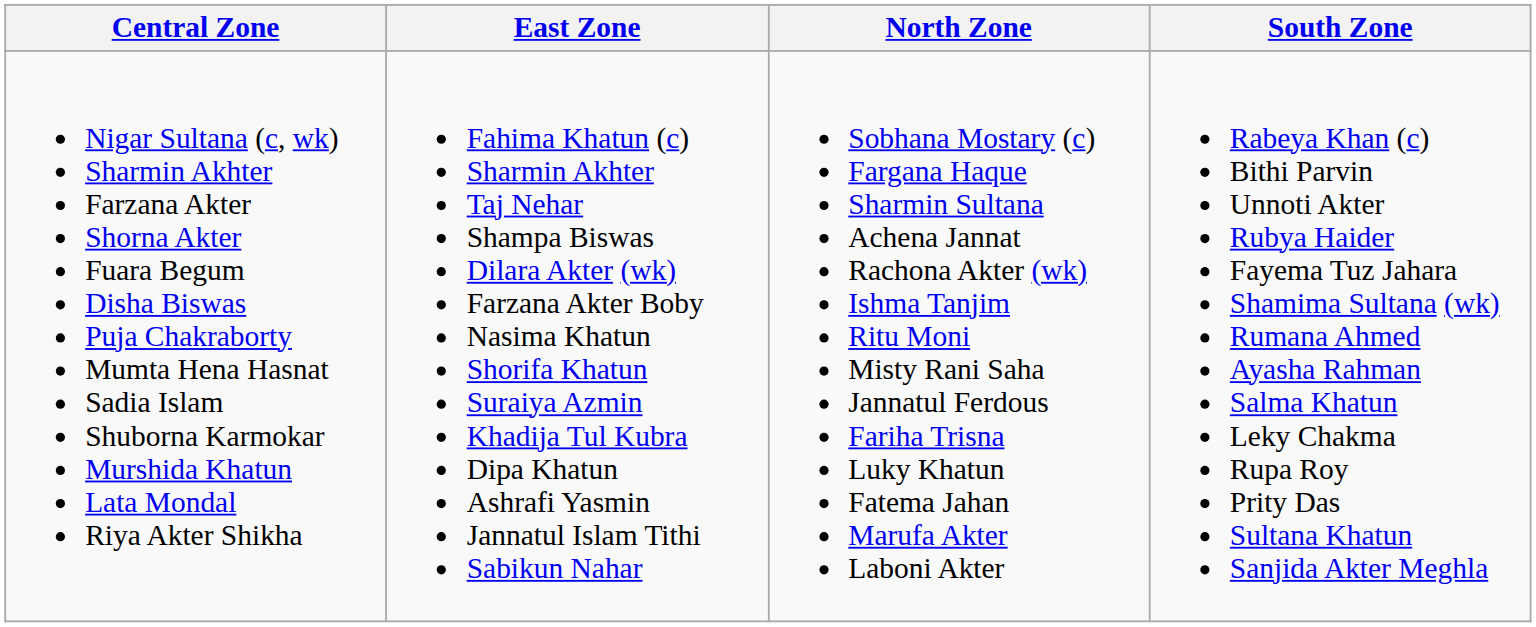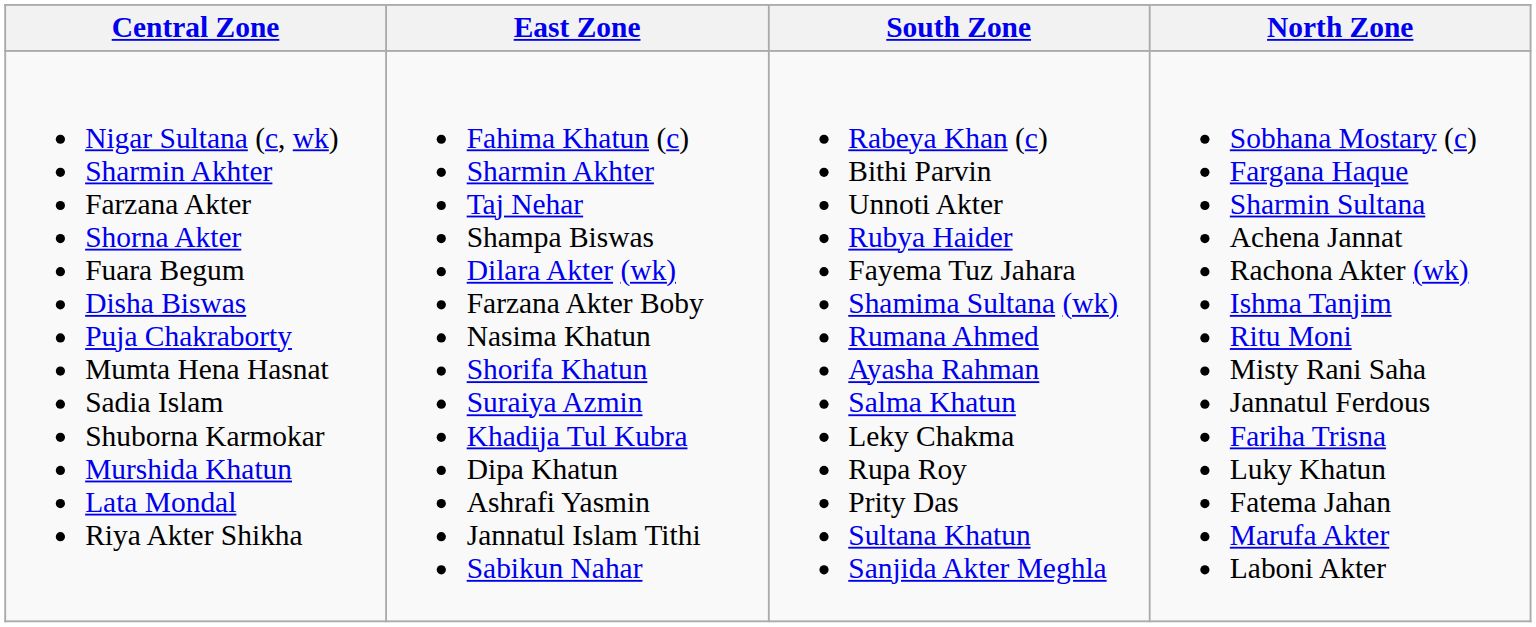 <table class="wikitable" style="text-align:left;margin:auto">
 <tr>
 <th width=200><a href='#'>Central Zone</a></th>
 <th width=200><a href='#'>East Zone</a></th>
+<th width=200><a href='#'>South Zone</a></th>
 <th width=200><a href='#'>North Zone</a></th>
-<th width=200><a href='#'>South Zone</a></th>
 </tr>
 <tr>
 <td valign=top><br><ul><li><a href='#'>Nigar Sultana</a> (<a href='#'>c</a>, <a href='#'>wk</a>)</li><li><a href='#'>Sharmin Akhter</a></li><li>Farzana Akter</li><li><a href='#'>Shorna Akter</a></li><li>Fuara Begum</li><li><a href='#'>Disha Biswas</a></li><li><a href='#'>Puja Chakraborty</a></li><li>Mumta Hena Hasnat</li><li>Sadia Islam</li><li>Shuborna Karmokar</li><li><a href='#'>Murshida Khatun</a></li><li><a href='#'>Lata Mondal</a></li><li>Riya Akter Shikha</li></ul></td>
 <td valign=top><br><ul><li><a href='#'>Fahima Khatun</a> (<a href='#'>c</a>)</li><li><a href='#'>Sharmin Akhter</a></li><li><a href='#'>Taj Nehar</a></li><li>Shampa Biswas</li><li><a href='#'>Dilara Akter</a> <a href='#'>(wk)</a></li><li>Farzana Akter Boby</li><li>Nasima Khatun</li><li><a href='#'>Shorifa Khatun</a></li><li><a href='#'>Suraiya Azmin</a></li><li><a href='#'>Khadija Tul Kubra</a></li><li>Dipa Khatun</li><li>Ashrafi Yasmin</li><li>Jannatul Islam Tithi</li><li><a href='#'>Sabikun Nahar</a></li></ul></td>
+<td valign=top><br><ul><li><a href='#'>Rabeya Khan</a> (<a href='#'>c</a>)</li><li>Bithi Parvin</li><li>Unnoti Akter</li><li><a href='#'>Rubya Haider</a></li><li>Fayema Tuz Jahara</li><li><a href='#'>Shamima Sultana</a> <a href='#'>(wk)</a></li><li><a href='#'>Rumana Ahmed</a></li><li><a href='#'>Ayasha Rahman</a></li><li><a href='#'>Salma Khatun</a></li><li>Leky Chakma</li><li>Rupa Roy</li><li>Prity Das</li><li><a href='#'>Sultana Khatun</a></li><li><a href='#'>Sanjida Akter Meghla</a></li></ul></td>
 <td valign=top><br><ul><li><a href='#'>Sobhana Mostary</a> (<a href='#'>c</a>)</li><li><a href='#'>Fargana Haque</a></li><li><a href='#'>Sharmin Sultana</a></li><li>Achena Jannat</li><li>Rachona Akter <a href='#'>(wk)</a></li><li><a href='#'>Ishma Tanjim</a></li><li><a href='#'>Ritu Moni</a></li><li>Misty Rani Saha</li><li>Jannatul Ferdous</li><li><a href='#'>Fariha Trisna</a></li><li>Luky Khatun</li><li>Fatema Jahan</li><li><a href='#'>Marufa Akter</a></li><li>Laboni Akter</li></ul></td>
-<td valign=top><br><ul><li><a href='#'>Rabeya Khan</a> (<a href='#'>c</a>)</li><li>Bithi Parvin</li><li>Unnoti Akter</li><li><a href='#'>Rubya Haider</a></li><li>Fayema Tuz Jahara</li><li><a href='#'>Shamima Sultana</a> <a href='#'>(wk)</a></li><li><a href='#'>Rumana Ahmed</a></li><li><a href='#'>Ayasha Rahman</a></li><li><a href='#'>Salma Khatun</a></li><li>Leky Chakma</li><li>Rupa Roy</li><li>Prity Das</li><li><a href='#'>Sultana Khatun</a></li><li><a href='#'>Sanjida Akter Meghla</a></li></ul></td>
 </tr>
 </table>
